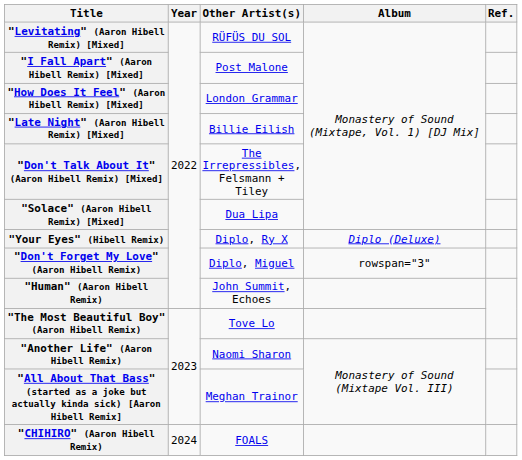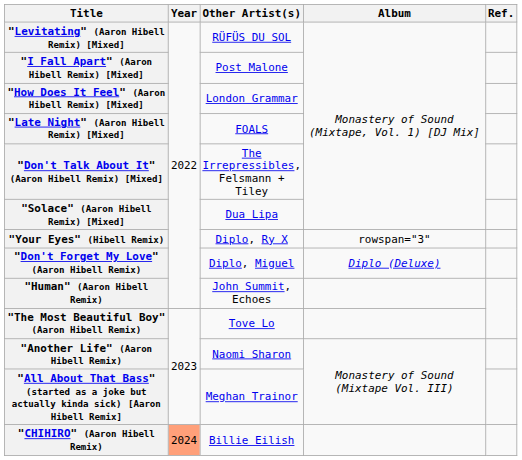 <table class="wikitable plainrowheaders" style="text-align:center;">
 <tr>
 <th scope="col" style="width:19em;">Title</th>
 <th scope="col" style="width:1em;">Year</th>
 <th>Other Artist(s)</th>
 <th scope="col" style="width:22em;">Album</th>
 <th>Ref.</th>
 </tr>
 <tr>
 <th scope="row">"<a href='#'>Levitating</a>" <small>(Aaron Hibell Remix) [Mixed]</small></th>
 <td rowspan="9">2022</td>
 <td><a href='#'>RÜFÜS DU SOL</a></td>
 <td rowspan="6"><em>Monastery of Sound (Mixtape, Vol. 1) [DJ Mix]</em></td>
 <td></td>
 </tr>
 <tr>
 <th scope="row">"<a href='#'>I Fall Apart</a>" <small>(Aaron Hibell Remix) [Mixed]</small></th>
 <td><a href='#'>Post Malone</a></td>
 <td></td>
 </tr>
 <tr>
 <th scope="row">"<a href='#'>How Does It Feel</a>" <small>(Aaron Hibell Remix) [Mixed]</small></th>
 <td><a href='#'>London Grammar</a></td>
 <td></td>
 </tr>
 <tr>
 <th scope="row">"<a href='#'>Late Night</a>" <small>(Aaron Hibell Remix) [Mixed]</small></th>
-<td><a href='#'>Billie Eilish</a></td>
+<td><a href='#'>FOALS</a></td>
 <td></td>
 </tr>
 <tr>
 <th scope="row">"<a href='#'>Don't Talk About It</a>" <small>(Aaron Hibell Remix) [Mixed]</small></th>
 <td><a href='#'>The Irrepressibles</a>, Felsmann + Tiley</td>
 <td></td>
 </tr>
 <tr>
 <th scope="row">"Solace" <small>(Aaron Hibell Remix) [Mixed]</small></th>
 <td><a href='#'>Dua Lipa</a></td>
 <td></td>
 </tr>
 <tr>
 <th scope="row">"Your Eyes" <small>(Hibell Remix)</small></th>
 <td><a href='#'>Diplo</a>, <a href='#'>Ry X</a></td>
-<td><em><a href='#'>Diplo (Deluxe)</a></em></td>
+<td>rowspan="3" </td>
 <td></td>
 </tr>
 <tr>
 <th scope="row">"<a href='#'>Don't Forget My Love</a>" <small>(Aaron Hibell Remix)</small></th>
 <td><a href='#'>Diplo</a>, <a href='#'>Miguel</a></td>
-<td>rowspan="3" </td>
+<td><em><a href='#'>Diplo (Deluxe)</a></em></td>
 <td></td>
 </tr>
 <tr>
 <th scope="row">"Human" <small>(Aaron Hibell Remix)</small></th>
 <td><a href='#'>John Summit</a>, Echoes</td>
 <td></td>
 </tr>
 <tr>
 <th scope="row">"The Most Beautiful Boy" <small>(Aaron Hibell Remix)</small></th>
 <td rowspan="3">2023</td>
 <td><a href='#'>Tove Lo</a></td>
 <td></td>
 </tr>
 <tr>
 <th scope="row">"Another Life" <small>(Aaron Hibell Remix)</small></th>
 <td><a href='#'>Naomi Sharon</a></td>
 <td rowspan="2"><em>Monastery of Sound (Mixtape Vol. III)</em></td>
 <td></td>
 </tr>
 <tr>
 <th scope="row">"<a href='#'>All About That Bass</a>" <small>(started as a joke but actually kinda sick)</small> <small>[Aaron Hibell Remix]</small></th>
 <td><a href='#'>Meghan Trainor</a></td>
 <td></td>
 </tr>
 <tr>
 <th scope="row">"<a href='#'>CHIHIRO</a>" <small>(Aaron Hibell Remix)</small></th>
-<td>2024</td>
-<td><a href='#'>FOALS</a></td>
+<td style="background: lightsalmon;">2024</td>
+<td><a href='#'>Billie Eilish</a></td>
 <td></td>
 <td></td>
 </tr>
 </table>
